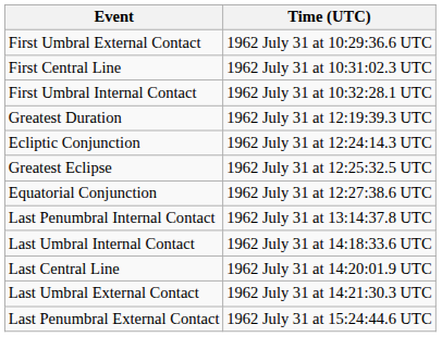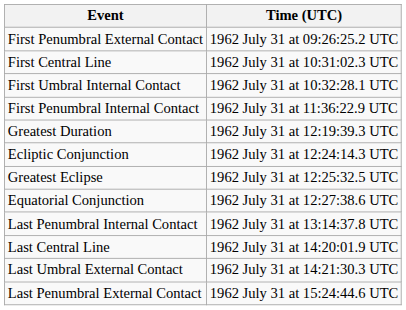 <table class="wikitable">
 <tr>
 <th>Event</th>
 <th>Time (UTC)</th>
 </tr>
 <tr>
-<td>First Umbral External Contact</td>
-<td>1962 July 31 at 10:29:36.6 UTC</td>
+<td>First Penumbral External Contact</td>
+<td>1962 July 31 at 09:26:25.2 UTC</td>
 </tr>
 <tr>
 <td>First Central Line</td>
 <td>1962 July 31 at 10:31:02.3 UTC</td>
 </tr>
 <tr>
 <td>First Umbral Internal Contact</td>
 <td>1962 July 31 at 10:32:28.1 UTC</td>
+</tr>
+<tr>
+<td>First Penumbral Internal Contact</td>
+<td>1962 July 31 at 11:36:22.9 UTC</td>
 </tr>
 <tr>
 <td>Greatest Duration</td>
 <td>1962 July 31 at 12:19:39.3 UTC</td>
 </tr>
 <tr>
 <td>Ecliptic Conjunction</td>
 <td>1962 July 31 at 12:24:14.3 UTC</td>
 </tr>
 <tr>
 <td>Greatest Eclipse</td>
 <td>1962 July 31 at 12:25:32.5 UTC</td>
 </tr>
 <tr>
 <td>Equatorial Conjunction</td>
 <td>1962 July 31 at 12:27:38.6 UTC</td>
 </tr>
 <tr>
 <td>Last Penumbral Internal Contact</td>
 <td>1962 July 31 at 13:14:37.8 UTC</td>
 </tr>
 <tr>
-<td>Last Umbral Internal Contact</td>
-<td>1962 July 31 at 14:18:33.6 UTC</td>
-</tr>
-<tr>
 <td>Last Central Line</td>
 <td>1962 July 31 at 14:20:01.9 UTC</td>
 </tr>
 <tr>
 <td>Last Umbral External Contact</td>
 <td>1962 July 31 at 14:21:30.3 UTC</td>
 </tr>
 <tr>
 <td>Last Penumbral External Contact</td>
 <td>1962 July 31 at 15:24:44.6 UTC</td>
 </tr>
 </table>
